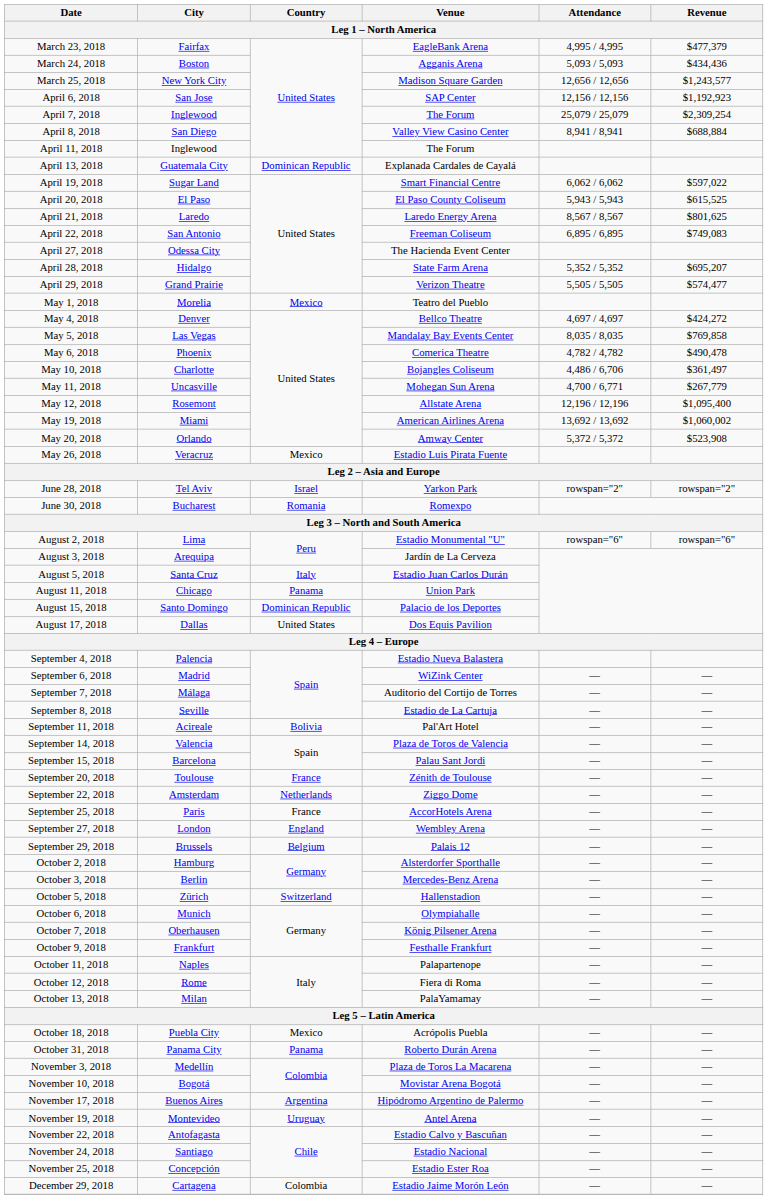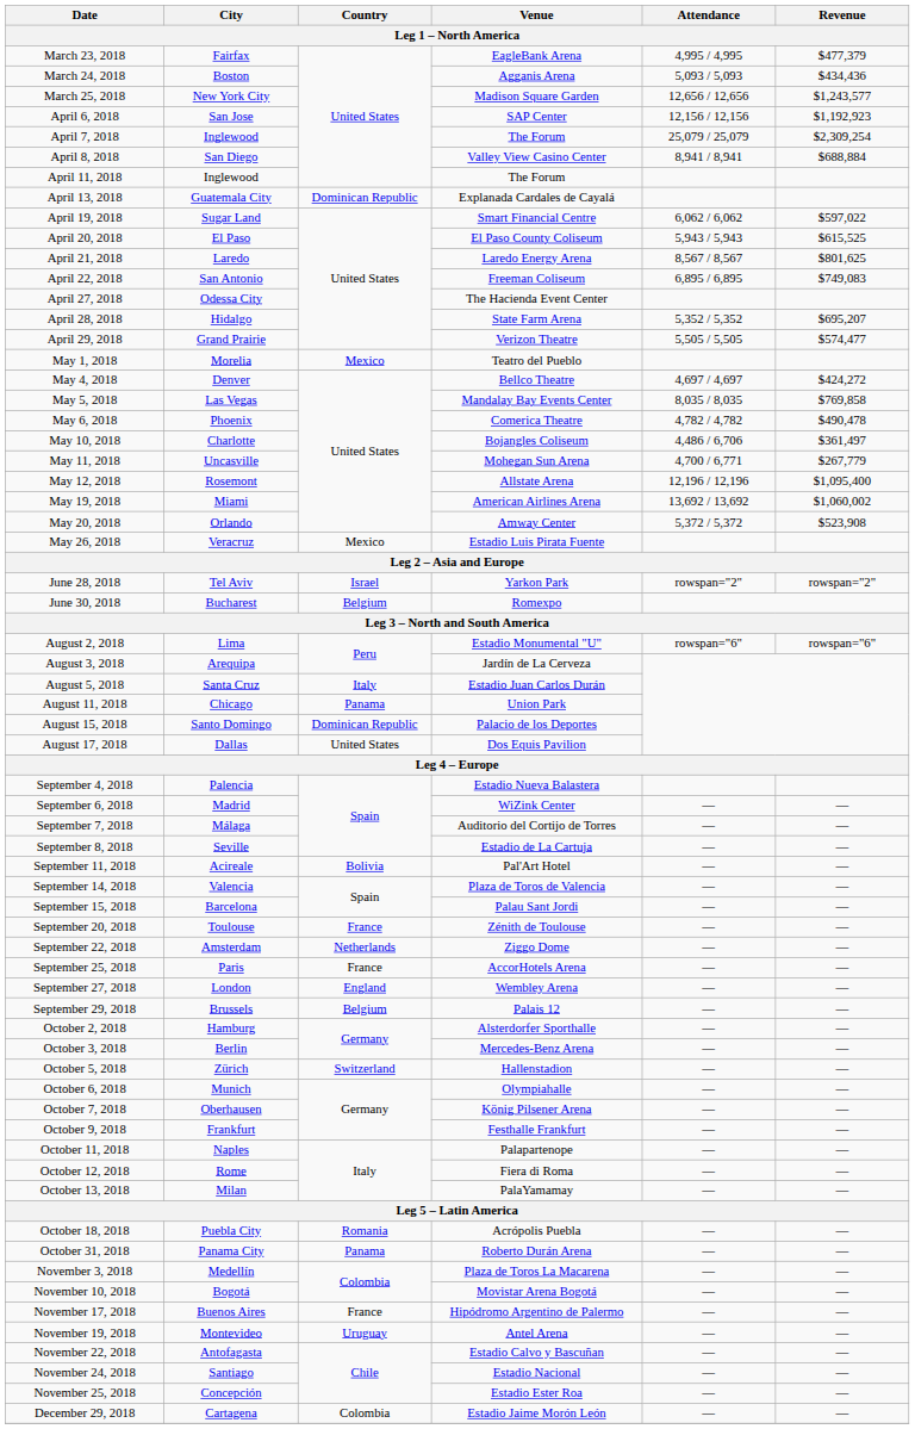 <table class="wikitable" style="text-align:center;">
 <tr>
 <th scope="col" style="width:12em;">Date</th>
 <th scope="col" style="width:10em;">City</th>
 <th scope="col" style="width:10em;">Country</th>
 <th scope="col" style="width:16em;">Venue</th>
 <th scope="col" style="width:10em;">Attendance</th>
 <th scope="col" style="width:10em;">Revenue</th>
 </tr>
 <tr>
 <th colspan="7">Leg 1 – North America</th>
 </tr>
 <tr>
 <td>March 23, 2018</td>
 <td><a href='#'>Fairfax</a></td>
 <td rowspan="7"><a href='#'>United States</a></td>
 <td><a href='#'>EagleBank Arena</a></td>
 <td>4,995 / 4,995</td>
 <td>$477,379</td>
 </tr>
 <tr>
 <td>March 24, 2018</td>
 <td><a href='#'>Boston</a></td>
 <td><a href='#'>Agganis Arena</a></td>
 <td>5,093 / 5,093</td>
 <td>$434,436</td>
 </tr>
 <tr>
 <td>March 25, 2018</td>
 <td><a href='#'>New York City</a></td>
 <td><a href='#'>Madison Square Garden</a></td>
 <td>12,656 / 12,656</td>
 <td>$1,243,577</td>
 </tr>
 <tr>
 <td>April 6, 2018</td>
 <td><a href='#'>San Jose</a></td>
 <td><a href='#'>SAP Center</a></td>
 <td>12,156 / 12,156</td>
 <td>$1,192,923</td>
 </tr>
 <tr>
 <td>April 7, 2018</td>
 <td><a href='#'>Inglewood</a></td>
 <td><a href='#'>The Forum</a></td>
 <td>25,079 / 25,079</td>
 <td>$2,309,254</td>
 </tr>
 <tr>
 <td>April 8, 2018</td>
 <td><a href='#'>San Diego</a></td>
 <td><a href='#'>Valley View Casino Center</a></td>
 <td>8,941 / 8,941</td>
 <td>$688,884</td>
 </tr>
 <tr>
 <td>April 11, 2018</td>
 <td>Inglewood</td>
 <td>The Forum</td>
 <td></td>
 <td></td>
 </tr>
 <tr>
 <td>April 13, 2018</td>
 <td><a href='#'>Guatemala City</a></td>
 <td><a href='#'>Dominican Republic</a></td>
 <td>Explanada Cardales de Cayalá</td>
 <td></td>
 <td></td>
 </tr>
 <tr>
 <td>April 19, 2018</td>
 <td><a href='#'>Sugar Land</a></td>
 <td rowspan="7">United States</td>
 <td><a href='#'>Smart Financial Centre</a></td>
 <td>6,062 / 6,062</td>
 <td>$597,022</td>
 </tr>
 <tr>
 <td>April 20, 2018</td>
 <td><a href='#'>El Paso</a></td>
 <td><a href='#'>El Paso County Coliseum</a></td>
 <td>5,943 / 5,943</td>
 <td>$615,525</td>
 </tr>
 <tr>
 <td>April 21, 2018</td>
 <td><a href='#'>Laredo</a></td>
 <td><a href='#'>Laredo Energy Arena</a></td>
 <td>8,567 / 8,567</td>
 <td>$801,625</td>
 </tr>
 <tr>
 <td>April 22, 2018</td>
 <td><a href='#'>San Antonio</a></td>
 <td><a href='#'>Freeman Coliseum</a></td>
 <td>6,895 / 6,895</td>
 <td>$749,083</td>
 </tr>
 <tr>
 <td>April 27, 2018</td>
 <td><a href='#'>Odessa City</a></td>
 <td>The Hacienda Event Center</td>
 <td></td>
 <td></td>
 </tr>
 <tr>
 <td>April 28, 2018</td>
 <td><a href='#'>Hidalgo</a></td>
 <td><a href='#'>State Farm Arena</a></td>
 <td>5,352 / 5,352</td>
 <td>$695,207</td>
 </tr>
 <tr>
 <td>April 29, 2018</td>
 <td><a href='#'>Grand Prairie</a></td>
 <td><a href='#'>Verizon Theatre</a></td>
 <td>5,505 / 5,505</td>
 <td>$574,477</td>
 </tr>
 <tr>
 <td>May 1, 2018</td>
 <td><a href='#'>Morelia</a></td>
 <td><a href='#'>Mexico</a></td>
 <td>Teatro del Pueblo</td>
 <td></td>
 <td></td>
 </tr>
 <tr>
 <td>May 4, 2018</td>
 <td><a href='#'>Denver</a></td>
 <td rowspan="8">United States</td>
 <td><a href='#'>Bellco Theatre</a></td>
 <td>4,697 / 4,697</td>
 <td>$424,272</td>
 </tr>
 <tr>
 <td>May 5, 2018</td>
 <td><a href='#'>Las Vegas</a></td>
 <td><a href='#'>Mandalay Bay Events Center</a></td>
 <td>8,035 / 8,035</td>
 <td>$769,858</td>
 </tr>
 <tr>
 <td>May 6, 2018</td>
 <td><a href='#'>Phoenix</a></td>
 <td><a href='#'>Comerica Theatre</a></td>
 <td>4,782 / 4,782</td>
 <td>$490,478</td>
 </tr>
 <tr>
 <td>May 10, 2018</td>
 <td><a href='#'>Charlotte</a></td>
 <td><a href='#'>Bojangles Coliseum</a></td>
 <td>4,486 / 6,706</td>
 <td>$361,497</td>
 </tr>
 <tr>
 <td>May 11, 2018</td>
 <td><a href='#'>Uncasville</a></td>
 <td><a href='#'>Mohegan Sun Arena</a></td>
 <td>4,700 / 6,771</td>
 <td>$267,779</td>
 </tr>
 <tr>
 <td>May 12, 2018</td>
 <td><a href='#'>Rosemont</a></td>
 <td><a href='#'>Allstate Arena</a></td>
 <td>12,196 / 12,196</td>
 <td>$1,095,400</td>
 </tr>
 <tr>
 <td>May 19, 2018</td>
 <td><a href='#'>Miami</a></td>
 <td><a href='#'>American Airlines Arena</a></td>
 <td>13,692 / 13,692</td>
 <td>$1,060,002</td>
 </tr>
 <tr>
 <td>May 20, 2018</td>
 <td><a href='#'>Orlando</a></td>
 <td><a href='#'>Amway Center</a></td>
 <td>5,372 / 5,372</td>
 <td>$523,908</td>
 </tr>
 <tr>
 <td>May 26, 2018</td>
 <td><a href='#'>Veracruz</a></td>
 <td>Mexico</td>
 <td><a href='#'>Estadio Luis Pirata Fuente</a></td>
 <td></td>
 <td></td>
 </tr>
 <tr>
 <th colspan="7">Leg 2 – Asia and Europe</th>
 </tr>
 <tr>
 <td>June 28, 2018</td>
 <td><a href='#'>Tel Aviv</a></td>
 <td><a href='#'>Israel</a></td>
 <td><a href='#'>Yarkon Park</a></td>
 <td>rowspan="2" </td>
 <td>rowspan="2" </td>
 </tr>
 <tr>
 <td>June 30, 2018</td>
 <td><a href='#'>Bucharest</a></td>
-<td><a href='#'>Romania</a></td>
+<td><a href='#'>Belgium</a></td>
 <td><a href='#'>Romexpo</a></td>
 </tr>
 <tr>
 <th colspan="7">Leg 3 – North and South America</th>
 </tr>
 <tr>
 <td>August 2, 2018</td>
 <td><a href='#'>Lima</a></td>
 <td rowspan="2"><a href='#'>Peru</a></td>
 <td><a href='#'>Estadio Monumental "U"</a></td>
 <td>rowspan="6" </td>
 <td>rowspan="6" </td>
 </tr>
 <tr>
 <td>August 3, 2018</td>
 <td><a href='#'>Arequipa</a></td>
 <td>Jardín de La Cerveza</td>
 </tr>
 <tr>
 <td>August 5, 2018</td>
 <td><a href='#'>Santa Cruz</a></td>
 <td><a href='#'>Italy</a></td>
 <td><a href='#'>Estadio Juan Carlos Durán</a></td>
 </tr>
 <tr>
 <td>August 11, 2018</td>
 <td><a href='#'>Chicago</a></td>
 <td><a href='#'>Panama</a></td>
 <td><a href='#'>Union Park</a></td>
 </tr>
 <tr>
 <td>August 15, 2018</td>
 <td><a href='#'>Santo Domingo</a></td>
 <td><a href='#'>Dominican Republic</a></td>
 <td><a href='#'>Palacio de los Deportes</a></td>
 </tr>
 <tr>
 <td>August 17, 2018</td>
 <td><a href='#'>Dallas</a></td>
 <td>United States</td>
 <td><a href='#'>Dos Equis Pavilion</a></td>
 </tr>
 <tr>
 <th colspan="7">Leg 4 – Europe</th>
 </tr>
 <tr>
 <td>September 4, 2018</td>
 <td><a href='#'>Palencia</a></td>
 <td rowspan="4"><a href='#'>Spain</a></td>
 <td><a href='#'>Estadio Nueva Balastera</a></td>
 <td></td>
 <td></td>
 </tr>
 <tr>
 <td>September 6, 2018</td>
 <td><a href='#'>Madrid</a></td>
 <td><a href='#'>WiZink Center</a></td>
 <td>—</td>
 <td>—</td>
 </tr>
 <tr>
 <td>September 7, 2018</td>
 <td><a href='#'>Málaga</a></td>
 <td>Auditorio del Cortijo de Torres</td>
 <td>—</td>
 <td>—</td>
 </tr>
 <tr>
 <td>September 8, 2018</td>
 <td><a href='#'>Seville</a></td>
 <td><a href='#'>Estadio de La Cartuja</a></td>
 <td>—</td>
 <td>—</td>
 </tr>
 <tr>
 <td>September 11, 2018</td>
 <td><a href='#'>Acireale</a></td>
 <td><a href='#'>Bolivia</a></td>
 <td>Pal'Art Hotel</td>
 <td>—</td>
 <td>—</td>
 </tr>
 <tr>
 <td>September 14, 2018</td>
 <td><a href='#'>Valencia</a></td>
 <td rowspan="2">Spain</td>
 <td><a href='#'>Plaza de Toros de Valencia</a></td>
 <td>—</td>
 <td>—</td>
 </tr>
 <tr>
 <td>September 15, 2018</td>
 <td><a href='#'>Barcelona</a></td>
 <td><a href='#'>Palau Sant Jordi</a></td>
 <td>—</td>
 <td>—</td>
 </tr>
 <tr>
 <td>September 20, 2018</td>
 <td><a href='#'>Toulouse</a></td>
 <td><a href='#'>France</a></td>
 <td><a href='#'>Zénith de Toulouse</a></td>
 <td>—</td>
 <td>—</td>
 </tr>
 <tr>
 <td>September 22, 2018</td>
 <td><a href='#'>Amsterdam</a></td>
 <td><a href='#'>Netherlands</a></td>
 <td><a href='#'>Ziggo Dome</a></td>
 <td>—</td>
 <td>—</td>
 </tr>
 <tr>
 <td>September 25, 2018</td>
 <td><a href='#'>Paris</a></td>
 <td>France</td>
 <td><a href='#'>AccorHotels Arena</a></td>
 <td>—</td>
 <td>—</td>
 </tr>
 <tr>
 <td>September 27, 2018</td>
 <td><a href='#'>London</a></td>
 <td><a href='#'>England</a></td>
 <td><a href='#'>Wembley Arena</a></td>
 <td>—</td>
 <td>—</td>
 </tr>
 <tr>
 <td>September 29, 2018</td>
 <td><a href='#'>Brussels</a></td>
 <td><a href='#'>Belgium</a></td>
 <td><a href='#'>Palais 12</a></td>
 <td>—</td>
 <td>—</td>
 </tr>
 <tr>
 <td>October 2, 2018</td>
 <td><a href='#'>Hamburg</a></td>
 <td rowspan="2"><a href='#'>Germany</a></td>
 <td><a href='#'>Alsterdorfer Sporthalle</a></td>
 <td>—</td>
 <td>—</td>
 </tr>
 <tr>
 <td>October 3, 2018</td>
 <td><a href='#'>Berlin</a></td>
 <td><a href='#'>Mercedes-Benz Arena</a></td>
 <td>—</td>
 <td>—</td>
 </tr>
 <tr>
 <td>October 5, 2018</td>
 <td><a href='#'>Zürich</a></td>
 <td><a href='#'>Switzerland</a></td>
 <td><a href='#'>Hallenstadion</a></td>
 <td>—</td>
 <td>—</td>
 </tr>
 <tr>
 <td>October 6, 2018</td>
 <td><a href='#'>Munich</a></td>
 <td rowspan="3">Germany</td>
 <td><a href='#'>Olympiahalle</a></td>
 <td>—</td>
 <td>—</td>
 </tr>
 <tr>
 <td>October 7, 2018</td>
 <td><a href='#'>Oberhausen</a></td>
 <td><a href='#'>König Pilsener Arena</a></td>
 <td>—</td>
 <td>—</td>
 </tr>
 <tr>
 <td>October 9, 2018</td>
 <td><a href='#'>Frankfurt</a></td>
 <td><a href='#'>Festhalle Frankfurt</a></td>
 <td>—</td>
 <td>—</td>
 </tr>
 <tr>
 <td>October 11, 2018</td>
 <td><a href='#'>Naples</a></td>
 <td rowspan="3">Italy</td>
 <td>Palapartenope</td>
 <td>—</td>
 <td>—</td>
 </tr>
 <tr>
 <td>October 12, 2018</td>
 <td><a href='#'>Rome</a></td>
 <td>Fiera di Roma</td>
 <td>—</td>
 <td>—</td>
 </tr>
 <tr>
 <td>October 13, 2018</td>
 <td><a href='#'>Milan</a></td>
 <td>PalaYamamay</td>
 <td>—</td>
 <td>—</td>
 </tr>
 <tr>
 <th colspan="7">Leg 5 – Latin America</th>
 </tr>
 <tr>
 <td>October 18, 2018</td>
 <td><a href='#'>Puebla City</a></td>
-<td>Mexico</td>
+<td><a href='#'>Romania</a></td>
 <td>Acrópolis Puebla</td>
 <td>—</td>
 <td>—</td>
 </tr>
 <tr>
 <td>October 31, 2018</td>
 <td><a href='#'>Panama City</a></td>
 <td><a href='#'>Panama</a></td>
 <td><a href='#'>Roberto Durán Arena</a></td>
 <td>—</td>
 <td>—</td>
 </tr>
 <tr>
 <td>November 3, 2018</td>
 <td><a href='#'>Medellín</a></td>
 <td rowspan="2"><a href='#'>Colombia</a></td>
 <td><a href='#'>Plaza de Toros La Macarena</a></td>
 <td>—</td>
 <td>—</td>
 </tr>
 <tr>
 <td>November 10, 2018</td>
 <td><a href='#'>Bogotá</a></td>
 <td><a href='#'>Movistar Arena Bogotá</a></td>
 <td>—</td>
 <td>—</td>
 </tr>
 <tr>
 <td>November 17, 2018</td>
 <td><a href='#'>Buenos Aires</a></td>
-<td><a href='#'>Argentina</a></td>
+<td>France</td>
 <td><a href='#'>Hipódromo Argentino de Palermo</a></td>
 <td>—</td>
 <td>—</td>
 </tr>
 <tr>
 <td>November 19, 2018</td>
 <td><a href='#'>Montevideo</a></td>
 <td><a href='#'>Uruguay</a></td>
 <td><a href='#'>Antel Arena</a></td>
 <td>—</td>
 <td>—</td>
 </tr>
 <tr>
 <td>November 22, 2018</td>
 <td><a href='#'>Antofagasta</a></td>
 <td rowspan="3"><a href='#'>Chile</a></td>
 <td><a href='#'>Estadio Calvo y Bascuñan</a></td>
 <td>—</td>
 <td>—</td>
 </tr>
 <tr>
 <td>November 24, 2018</td>
 <td><a href='#'>Santiago</a></td>
 <td><a href='#'>Estadio Nacional</a></td>
 <td>—</td>
 <td>—</td>
 </tr>
 <tr>
 <td>November 25, 2018</td>
 <td><a href='#'>Concepción</a></td>
 <td><a href='#'>Estadio Ester Roa</a></td>
 <td>—</td>
 <td>—</td>
 </tr>
 <tr>
 <td>December 29, 2018</td>
 <td><a href='#'>Cartagena</a></td>
 <td>Colombia</td>
 <td><a href='#'>Estadio Jaime Morón León</a></td>
 <td>—</td>
 <td>—</td>
 </tr>
 <tr>
 </tr>
 </table>
